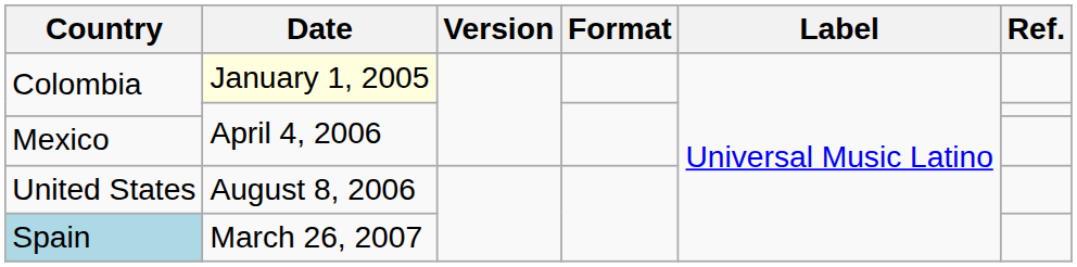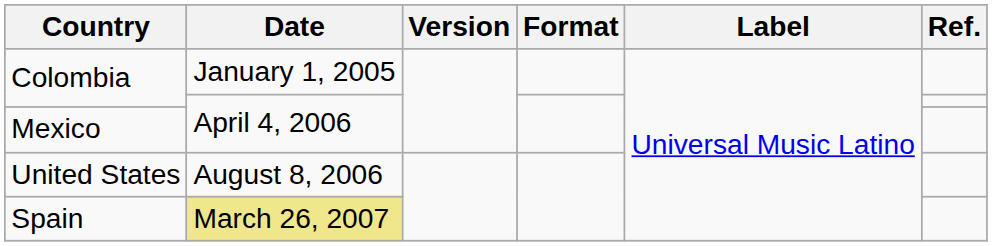 <table class="wikitable">
 <tr>
 <th>Country</th>
 <th>Date</th>
 <th>Version</th>
 <th>Format</th>
 <th>Label</th>
 <th>Ref.</th>
 </tr>
 <tr>
 <td rowspan="2">Colombia</td>
-<td style="background: lightyellow;">January 1, 2005</td>
+<td>January 1, 2005</td>
 <td rowspan="3"></td>
 <td></td>
 <td rowspan="5"><a href='#'>Universal Music Latino</a></td>
 <td></td>
 </tr>
 <tr>
 <td rowspan="2">April 4, 2006</td>
 <td rowspan="2"></td>
 <td></td>
 </tr>
 <tr>
 <td>Mexico</td>
 <td></td>
 </tr>
 <tr>
 <td>United States</td>
 <td>August 8, 2006</td>
 <td rowspan="2"></td>
 <td rowspan="2"></td>
 <td><br></td>
 </tr>
 <tr>
-<td style="background: lightblue;">Spain</td>
-<td>March 26, 2007</td>
+<td>Spain</td>
+<td style="background: khaki;">March 26, 2007</td>
 <td></td>
 </tr>
 </table>
